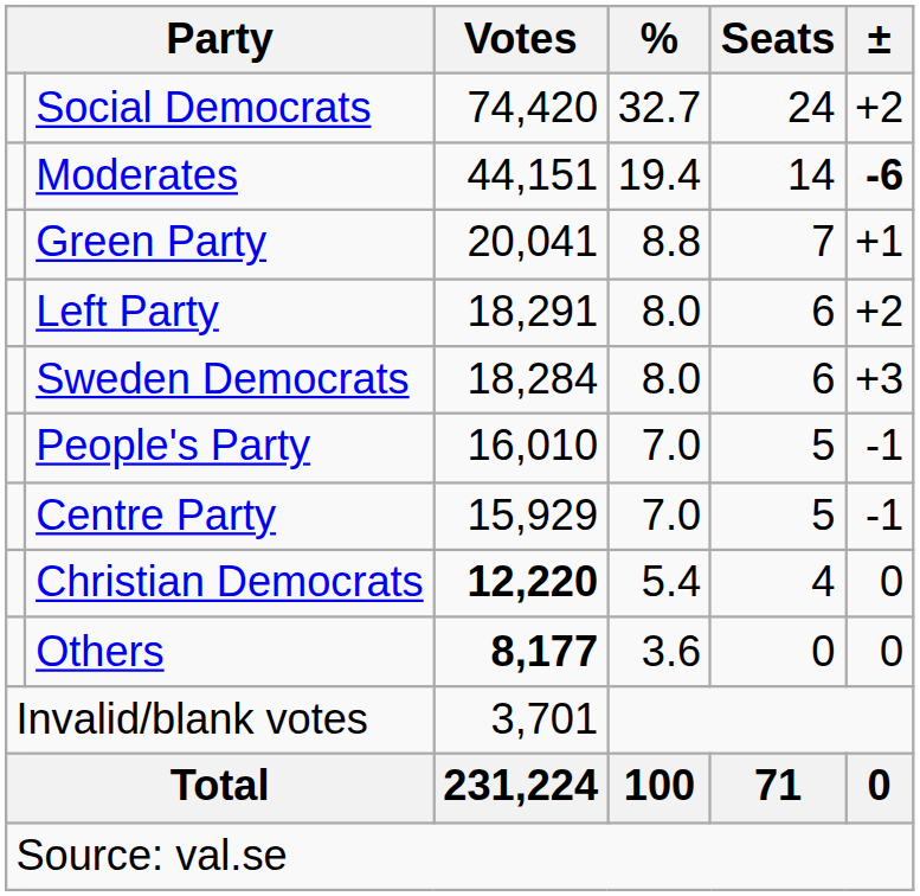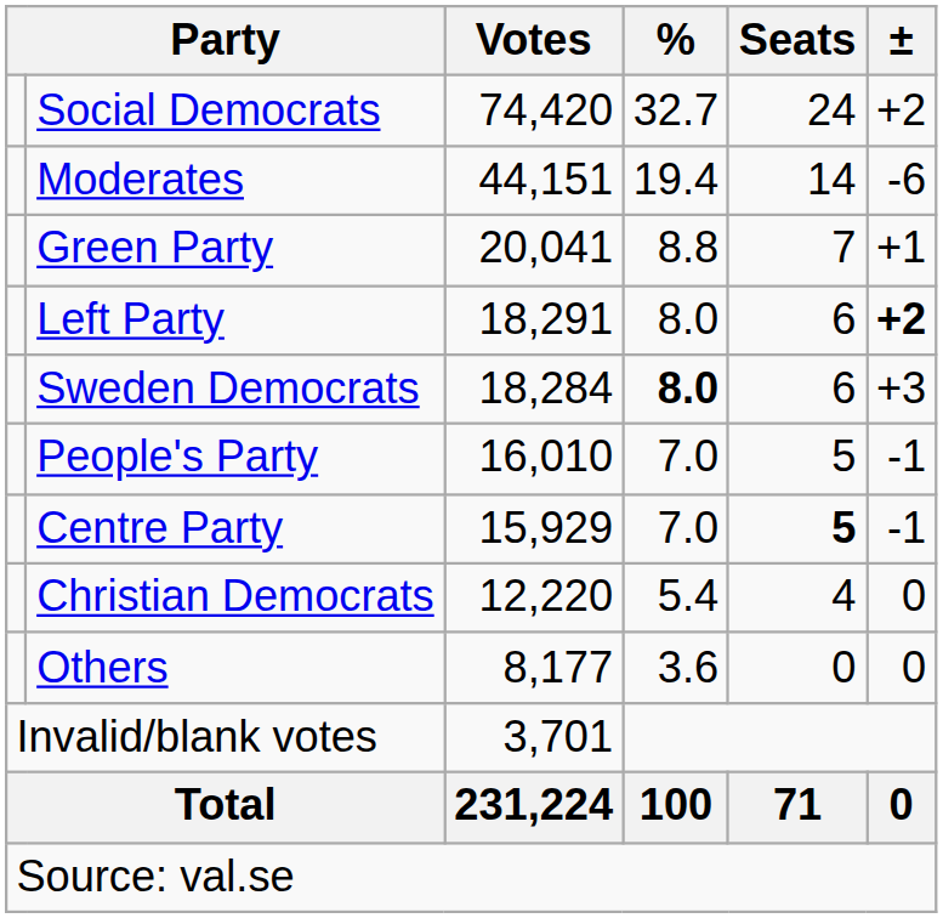 <table class=wikitable style=text-align:right>
 <tr>
 <th colspan=2>Party</th>
 <th>Votes</th>
 <th>%</th>
 <th>Seats</th>
 <th>±</th>
 </tr>
 <tr>
 <td bgcolor=></td>
 <td align=left><a href='#'>Social Democrats</a></td>
 <td>74,420</td>
 <td>32.7</td>
 <td>24</td>
 <td>+2</td>
 </tr>
 <tr>
 <td bgcolor=></td>
 <td align=left><a href='#'>Moderates</a></td>
 <td>44,151</td>
 <td>19.4</td>
 <td>14</td>
-<td><strong>-6</strong></td>
+<td>-6</td>
 </tr>
 <tr>
 <td bgcolor=></td>
 <td align=left><a href='#'>Green Party</a></td>
 <td>20,041</td>
 <td>8.8</td>
 <td>7</td>
 <td>+1</td>
 </tr>
 <tr>
 <td bgcolor=></td>
 <td align=left><a href='#'>Left Party</a></td>
 <td>18,291</td>
 <td>8.0</td>
 <td>6</td>
-<td>+2</td>
+<td><strong>+2</strong></td>
 </tr>
 <tr>
 <td bgcolor=></td>
 <td align=left><a href='#'>Sweden Democrats</a></td>
 <td>18,284</td>
-<td>8.0</td>
+<td><strong>8.0</strong></td>
 <td>6</td>
 <td>+3</td>
 </tr>
 <tr>
 <td bgcolor=></td>
 <td align=left><a href='#'>People's Party</a></td>
 <td>16,010</td>
 <td>7.0</td>
 <td>5</td>
 <td>-1</td>
 </tr>
 <tr>
 <td bgcolor=></td>
 <td align=left><a href='#'>Centre Party</a></td>
 <td>15,929</td>
 <td>7.0</td>
-<td>5</td>
+<td><strong>5</strong></td>
 <td>-1</td>
 </tr>
 <tr>
 <td bgcolor=></td>
 <td align=left><a href='#'>Christian Democrats</a></td>
-<td><strong>12,220</strong></td>
+<td>12,220</td>
 <td>5.4</td>
 <td>4</td>
 <td>0</td>
 </tr>
 <tr>
 <td></td>
 <td align=left><a href='#'>Others</a></td>
-<td><strong>8,177</strong></td>
+<td>8,177</td>
 <td>3.6</td>
 <td>0</td>
 <td>0</td>
 </tr>
 <tr>
 <td align=left colspan=2>Invalid/blank votes</td>
 <td>3,701</td>
 <td colspan=3></td>
 </tr>
 <tr>
 <th align=left colspan=2>Total</th>
 <th>231,224</th>
 <th>100</th>
 <th>71</th>
 <th>0</th>
 </tr>
 <tr>
 <td align=left colspan=6>Source: val.se </td>
 </tr>
 </table>
